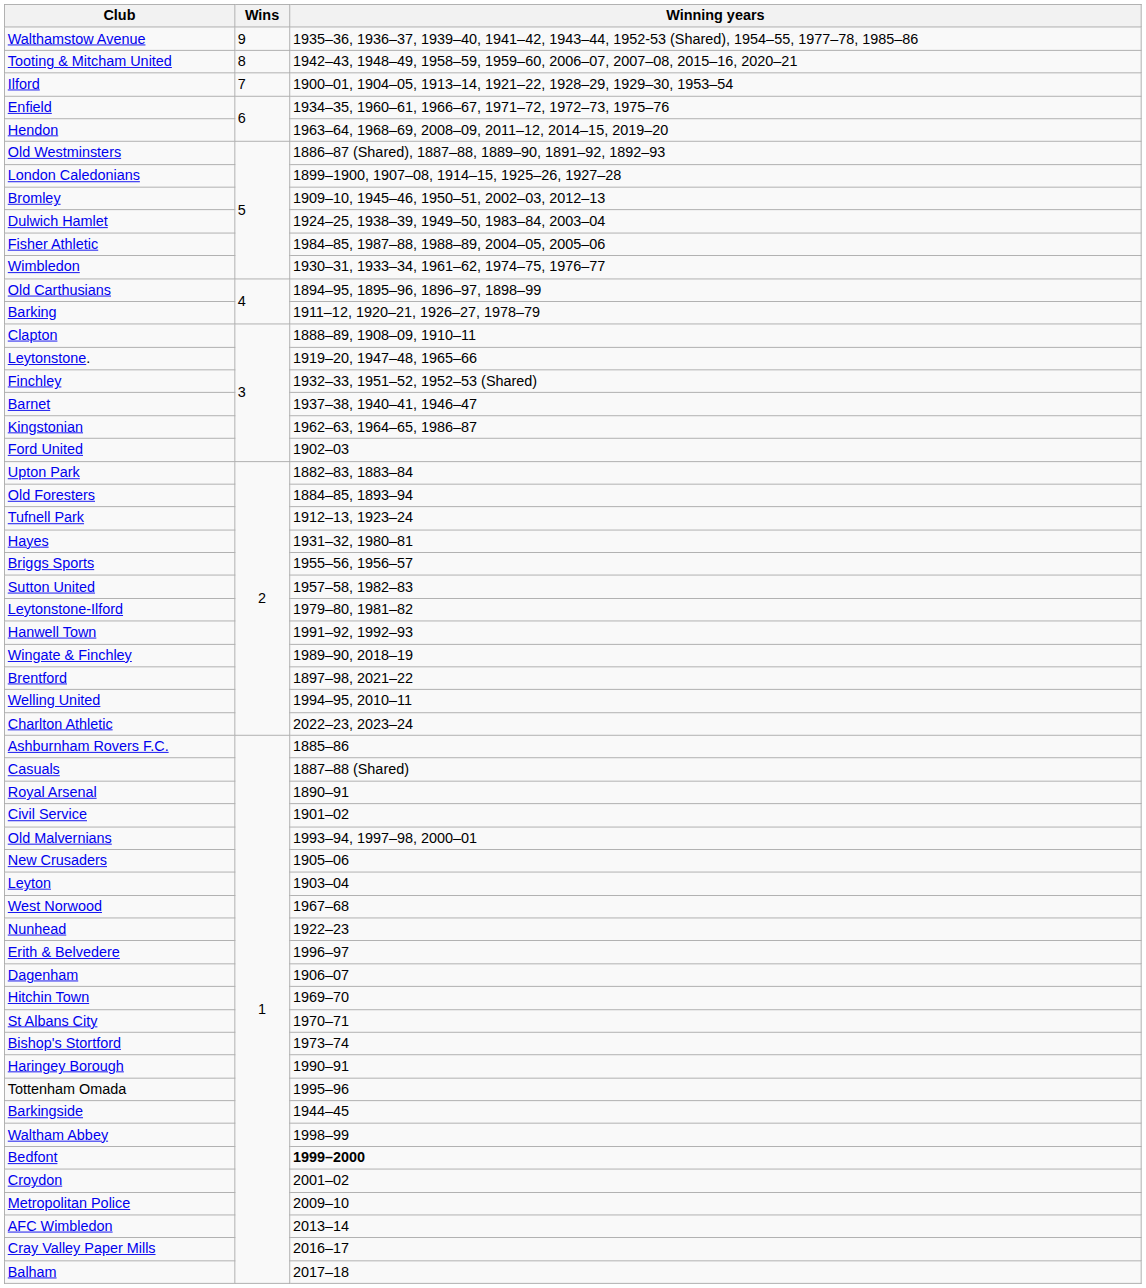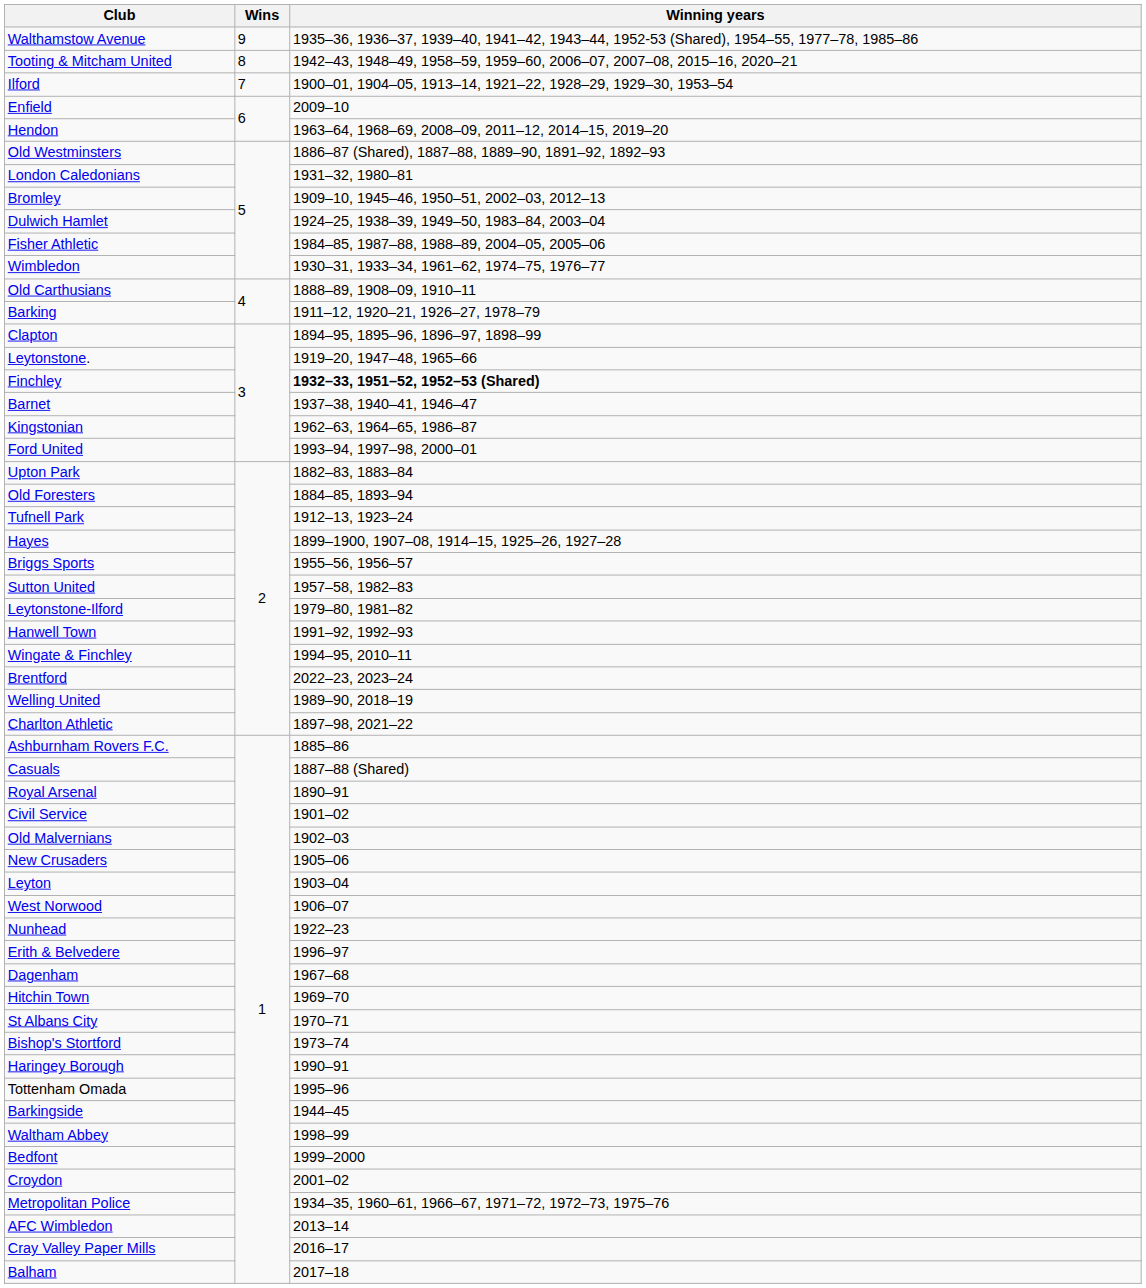 <table class="wikitable" style="text-align: left; width: 100%">
 <tr>
 <th>Club</th>
 <th>Wins</th>
 <th>Winning years</th>
 </tr>
 <tr>
 <td><a href='#'>Walthamstow Avenue</a></td>
 <td>9</td>
 <td>1935–36, 1936–37, 1939–40, 1941–42, 1943–44, 1952-53 (Shared), 1954–55, 1977–78, 1985–86</td>
 </tr>
 <tr>
 <td><a href='#'>Tooting & Mitcham United</a></td>
 <td>8</td>
 <td>1942–43, 1948–49, 1958–59, 1959–60, 2006–07, 2007–08, 2015–16, 2020–21</td>
 </tr>
 <tr>
 <td><a href='#'>Ilford</a></td>
 <td>7</td>
 <td>1900–01, 1904–05, 1913–14, 1921–22, 1928–29, 1929–30, 1953–54</td>
 </tr>
 <tr>
 <td><a href='#'>Enfield</a></td>
 <td rowspan="2">6</td>
-<td>1934–35, 1960–61, 1966–67, 1971–72, 1972–73, 1975–76</td>
+<td>2009–10</td>
 </tr>
 <tr>
 <td><a href='#'>Hendon</a></td>
 <td>1963–64, 1968–69, 2008–09, 2011–12, 2014–15, 2019–20</td>
 </tr>
 <tr>
 <td><a href='#'>Old Westminsters</a></td>
 <td rowspan="6">5</td>
 <td>1886–87 (Shared), 1887–88, 1889–90, 1891–92, 1892–93</td>
 </tr>
 <tr>
 <td><a href='#'>London Caledonians</a></td>
-<td>1899–1900, 1907–08, 1914–15, 1925–26, 1927–28</td>
+<td>1931–32, 1980–81</td>
 </tr>
 <tr>
 <td><a href='#'>Bromley</a></td>
 <td>1909–10, 1945–46, 1950–51, 2002–03, 2012–13</td>
 </tr>
 <tr>
 <td><a href='#'>Dulwich Hamlet</a></td>
 <td>1924–25, 1938–39, 1949–50, 1983–84, 2003–04</td>
 </tr>
 <tr>
 <td><a href='#'>Fisher Athletic</a></td>
 <td>1984–85, 1987–88, 1988–89, 2004–05, 2005–06</td>
 </tr>
 <tr>
 <td><a href='#'>Wimbledon</a></td>
 <td>1930–31, 1933–34, 1961–62, 1974–75, 1976–77</td>
 </tr>
 <tr>
 <td><a href='#'>Old Carthusians</a></td>
 <td rowspan="2">4</td>
-<td>1894–95, 1895–96, 1896–97, 1898–99</td>
+<td>1888–89, 1908–09, 1910–11</td>
 </tr>
 <tr>
 <td><a href='#'>Barking</a></td>
 <td>1911–12, 1920–21, 1926–27, 1978–79</td>
 </tr>
 <tr>
 <td><a href='#'>Clapton</a></td>
 <td rowspan="6">3</td>
-<td>1888–89, 1908–09, 1910–11</td>
+<td>1894–95, 1895–96, 1896–97, 1898–99</td>
 </tr>
 <tr>
 <td><a href='#'>Leytonstone</a>.</td>
 <td>1919–20, 1947–48, 1965–66</td>
 </tr>
 <tr>
 <td><a href='#'>Finchley</a></td>
-<td>1932–33, 1951–52, 1952–53 (Shared)</td>
+<td><strong>1932–33, 1951–52, 1952–53 (Shared)</strong></td>
 </tr>
 <tr>
 <td><a href='#'>Barnet</a></td>
 <td>1937–38, 1940–41, 1946–47</td>
 </tr>
 <tr>
 <td><a href='#'>Kingstonian</a></td>
 <td>1962–63, 1964–65, 1986–87</td>
 </tr>
 <tr>
 <td><a href='#'>Ford United</a></td>
-<td>1902–03</td>
+<td>1993–94, 1997–98, 2000–01</td>
 </tr>
 <tr>
 <td><a href='#'>Upton Park</a></td>
 <td rowspan="12" style="text-align:center">2</td>
 <td>1882–83, 1883–84</td>
 </tr>
 <tr>
 <td><a href='#'>Old Foresters</a></td>
 <td>1884–85, 1893–94</td>
 </tr>
 <tr>
 <td><a href='#'>Tufnell Park</a></td>
 <td>1912–13, 1923–24</td>
 </tr>
 <tr>
 <td><a href='#'>Hayes</a></td>
-<td>1931–32, 1980–81</td>
+<td>1899–1900, 1907–08, 1914–15, 1925–26, 1927–28</td>
 </tr>
 <tr>
 <td><a href='#'>Briggs Sports</a></td>
 <td>1955–56, 1956–57</td>
 </tr>
 <tr>
 <td><a href='#'>Sutton United</a></td>
 <td>1957–58, 1982–83</td>
 </tr>
 <tr>
 <td><a href='#'>Leytonstone-Ilford</a></td>
 <td>1979–80, 1981–82</td>
 </tr>
 <tr>
 <td><a href='#'>Hanwell Town</a></td>
 <td>1991–92, 1992–93</td>
 </tr>
 <tr>
 <td><a href='#'>Wingate & Finchley</a></td>
+<td>1994–95, 2010–11</td>
+</tr>
+<tr>
+<td><a href='#'>Brentford</a></td>
+<td>2022–23, 2023–24</td>
+</tr>
+<tr>
+<td><a href='#'>Welling United</a></td>
 <td>1989–90, 2018–19</td>
 </tr>
 <tr>
-<td><a href='#'>Brentford</a></td>
+<td><a href='#'>Charlton Athletic</a></td>
 <td>1897–98, 2021–22</td>
-</tr>
-<tr>
-<td><a href='#'>Welling United</a></td>
-<td>1994–95, 2010–11</td>
-</tr>
-<tr>
-<td><a href='#'>Charlton Athletic</a></td>
-<td>2022–23, 2023–24</td>
 </tr>
 <tr>
 <td><a href='#'>Ashburnham Rovers F.C.</a></td>
 <td rowspan="24" style="text-align:center">1</td>
 <td>1885–86</td>
 </tr>
 <tr>
 <td><a href='#'>Casuals</a></td>
 <td>1887–88 (Shared)</td>
 </tr>
 <tr>
 <td><a href='#'>Royal Arsenal</a></td>
 <td>1890–91</td>
 </tr>
 <tr>
 <td><a href='#'>Civil Service</a></td>
 <td>1901–02</td>
 </tr>
 <tr>
 <td><a href='#'>Old Malvernians</a></td>
-<td>1993–94, 1997–98, 2000–01</td>
+<td>1902–03</td>
 </tr>
 <tr>
 <td><a href='#'>New Crusaders</a></td>
 <td>1905–06</td>
 </tr>
 <tr>
 <td><a href='#'>Leyton</a></td>
 <td>1903–04</td>
 </tr>
 <tr>
 <td><a href='#'>West Norwood</a></td>
-<td>1967–68</td>
+<td>1906–07</td>
 </tr>
 <tr>
 <td><a href='#'>Nunhead</a></td>
 <td>1922–23</td>
 </tr>
 <tr>
 <td><a href='#'>Erith & Belvedere</a></td>
 <td>1996–97</td>
 </tr>
 <tr>
 <td><a href='#'>Dagenham</a></td>
-<td>1906–07</td>
+<td>1967–68</td>
 </tr>
 <tr>
 <td><a href='#'>Hitchin Town</a></td>
 <td>1969–70</td>
 </tr>
 <tr>
 <td><a href='#'>St Albans City</a></td>
 <td>1970–71</td>
 </tr>
 <tr>
 <td><a href='#'>Bishop's Stortford</a></td>
 <td>1973–74</td>
 </tr>
 <tr>
 <td><a href='#'>Haringey Borough</a></td>
 <td>1990–91</td>
 </tr>
 <tr>
 <td [>Tottenham Omada</td>
 <td>1995–96</td>
 </tr>
 <tr>
 <td><a href='#'>Barkingside</a></td>
 <td>1944–45</td>
 </tr>
 <tr>
 <td><a href='#'>Waltham Abbey</a></td>
 <td>1998–99</td>
 </tr>
 <tr>
 <td><a href='#'>Bedfont</a></td>
-<td><strong>1999–2000</strong></td>
+<td>1999–2000</td>
 </tr>
 <tr>
 <td><a href='#'>Croydon</a></td>
 <td>2001–02</td>
 </tr>
 <tr>
 <td><a href='#'>Metropolitan Police</a></td>
-<td>2009–10</td>
+<td>1934–35, 1960–61, 1966–67, 1971–72, 1972–73, 1975–76</td>
 </tr>
 <tr>
 <td><a href='#'>AFC Wimbledon</a></td>
 <td>2013–14</td>
 </tr>
 <tr>
 <td><a href='#'>Cray Valley Paper Mills</a></td>
 <td>2016–17</td>
 </tr>
 <tr>
 <td><a href='#'>Balham</a></td>
 <td>2017–18</td>
 </tr>
 </table>
